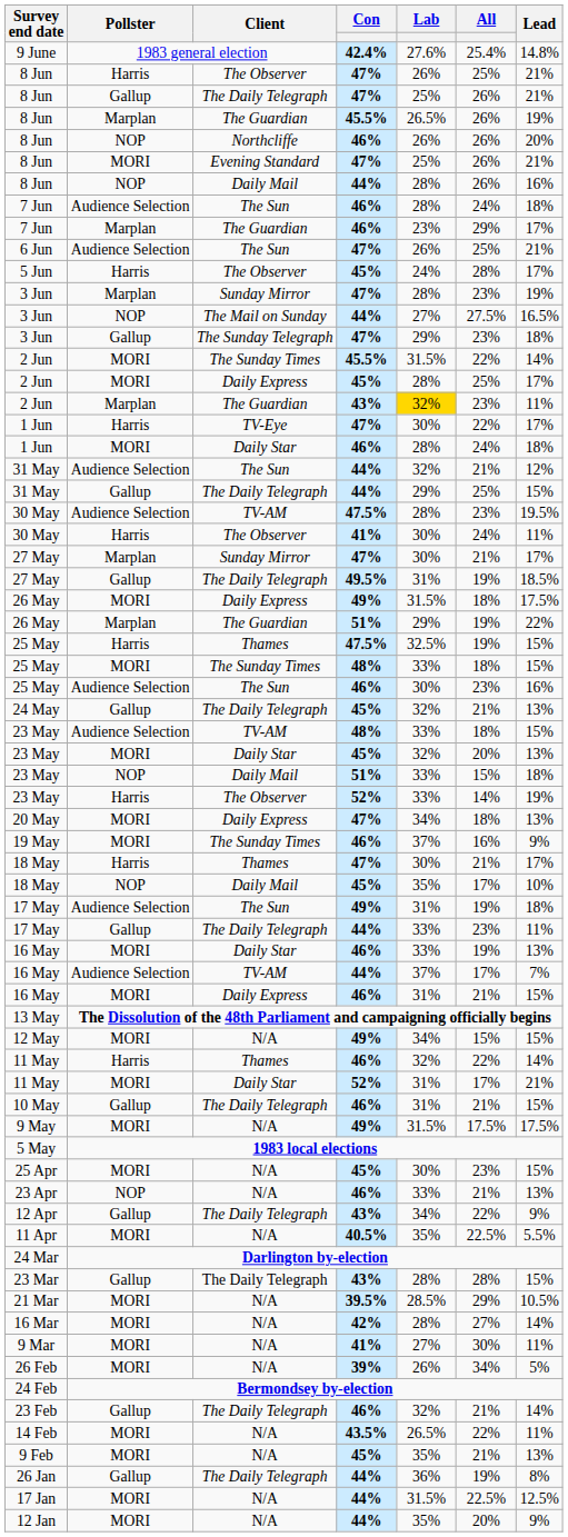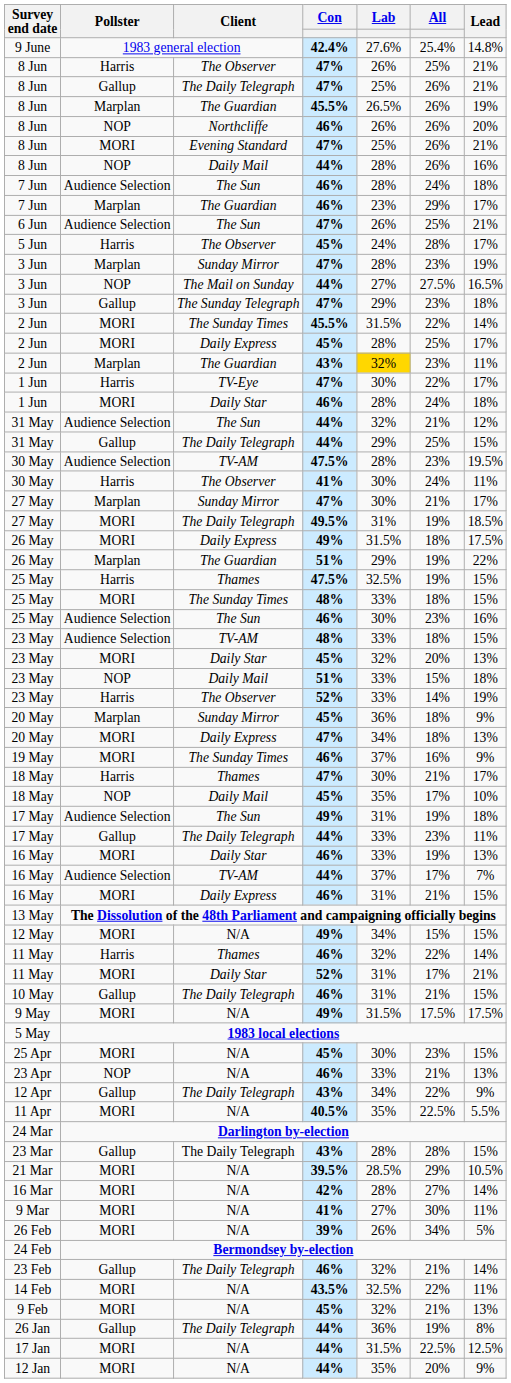 <table class="wikitable sortable mw-datatable" style="text-align:center;font-size:90%;line-height:14px;">
 <tr>
 <th rowspan="2">Survey<br>end date</th>
 <th rowspan="2">Pollster</th>
 <th rowspan="2">Client</th>
 <th class="unsortable" style="width:50px;"><a href='#'>Con</a></th>
 <th class="unsortable" style="width:50px;"><a href='#'>Lab</a></th>
 <th class="unsortable" style="width:50px;"><a href='#'>All</a></th>
 <th rowspan="2">Lead</th>
 </tr>
 <tr>
 <th style="background:"></th>
 <th style="background:"></th>
 <th style="background:"></th>
 </tr>
 <tr>
 <td>9 June</td>
 <td colspan="2"><a href='#'>1983 general election</a></td>
 <td style="background:#CCEBFF;"><strong>42.4%</strong></td>
 <td>27.6%</td>
 <td>25.4%</td>
 <td style="background:">14.8%</td>
 </tr>
 <tr>
 <td>8 Jun</td>
 <td>Harris</td>
 <td><em>The Observer</em></td>
 <td style="background:#CCEBFF;"><strong>47%</strong></td>
 <td>26%</td>
 <td>25%</td>
 <td style="background:">21%</td>
 </tr>
 <tr>
 <td>8 Jun</td>
 <td>Gallup</td>
 <td><em>The Daily Telegraph</em></td>
 <td style="background:#CCEBFF;"><strong>47%</strong></td>
 <td>25%</td>
 <td>26%</td>
 <td style="background:">21%</td>
 </tr>
 <tr>
 <td>8 Jun</td>
 <td>Marplan</td>
 <td><em>The Guardian</em></td>
 <td style="background:#CCEBFF;"><strong>45.5%</strong></td>
 <td>26.5%</td>
 <td>26%</td>
 <td style="background:">19%</td>
 </tr>
 <tr>
 <td>8 Jun</td>
 <td>NOP</td>
 <td><em>Northcliffe</em></td>
 <td style="background:#CCEBFF;"><strong>46%</strong></td>
 <td>26%</td>
 <td>26%</td>
 <td style="background:">20%</td>
 </tr>
 <tr>
 <td>8 Jun</td>
 <td>MORI</td>
 <td><em>Evening Standard</em></td>
 <td style="background:#CCEBFF;"><strong>47%</strong></td>
 <td>25%</td>
 <td>26%</td>
 <td style="background:">21%</td>
 </tr>
 <tr>
 <td>8 Jun</td>
 <td>NOP</td>
 <td><em>Daily Mail</em></td>
 <td style="background:#CCEBFF;"><strong>44%</strong></td>
 <td>28%</td>
 <td>26%</td>
 <td style="background:">16%</td>
 </tr>
 <tr>
 <td>7 Jun</td>
 <td>Audience Selection</td>
 <td><em>The Sun</em></td>
 <td style="background:#CCEBFF;"><strong>46%</strong></td>
 <td>28%</td>
 <td>24%</td>
 <td style="background:">18%</td>
 </tr>
 <tr>
 <td>7 Jun</td>
 <td>Marplan</td>
 <td><em>The Guardian</em></td>
 <td style="background:#CCEBFF;"><strong>46%</strong></td>
 <td>23%</td>
 <td>29%</td>
 <td style="background:">17%</td>
 </tr>
 <tr>
 <td>6 Jun</td>
 <td>Audience Selection</td>
 <td><em>The Sun</em></td>
 <td style="background:#CCEBFF;"><strong>47%</strong></td>
 <td>26%</td>
 <td>25%</td>
 <td style="background:">21%</td>
 </tr>
 <tr>
 <td>5 Jun</td>
 <td>Harris</td>
 <td><em>The Observer</em></td>
 <td style="background:#CCEBFF;"><strong>45%</strong></td>
 <td>24%</td>
 <td>28%</td>
 <td style="background:">17%</td>
 </tr>
 <tr>
 <td>3 Jun</td>
 <td>Marplan</td>
 <td><em>Sunday Mirror</em></td>
 <td style="background:#CCEBFF;"><strong>47%</strong></td>
 <td>28%</td>
 <td>23%</td>
 <td style="background:">19%</td>
 </tr>
 <tr>
 <td>3 Jun</td>
 <td>NOP</td>
 <td><em>The Mail on Sunday</em></td>
 <td style="background:#CCEBFF;"><strong>44%</strong></td>
 <td>27%</td>
 <td>27.5%</td>
 <td style="background:">16.5%</td>
 </tr>
 <tr>
 <td>3 Jun</td>
 <td>Gallup</td>
 <td><em>The Sunday Telegraph</em></td>
 <td style="background:#CCEBFF;"><strong>47%</strong></td>
 <td>29%</td>
 <td>23%</td>
 <td style="background:">18%</td>
 </tr>
 <tr>
 <td>2 Jun</td>
 <td>MORI</td>
 <td><em>The Sunday Times</em></td>
 <td style="background:#CCEBFF;"><strong>45.5%</strong></td>
 <td>31.5%</td>
 <td>22%</td>
 <td style="background:">14%</td>
 </tr>
 <tr>
 <td>2 Jun</td>
 <td>MORI</td>
 <td><em>Daily Express</em></td>
 <td style="background:#CCEBFF;"><strong>45%</strong></td>
 <td>28%</td>
 <td>25%</td>
 <td style="background:">17%</td>
 </tr>
 <tr>
 <td>2 Jun</td>
 <td>Marplan</td>
 <td><em>The Guardian</em></td>
 <td style="background:#CCEBFF;"><strong>43%</strong></td>
 <td style="background: gold;">32%</td>
 <td>23%</td>
 <td style="background:">11%</td>
 </tr>
 <tr>
 <td>1 Jun</td>
 <td>Harris</td>
 <td><em>TV-Eye</em></td>
 <td style="background:#CCEBFF;"><strong>47%</strong></td>
 <td>30%</td>
 <td>22%</td>
 <td style="background:">17%</td>
 </tr>
 <tr>
 <td>1 Jun</td>
 <td>MORI</td>
 <td><em>Daily Star</em></td>
 <td style="background:#CCEBFF;"><strong>46%</strong></td>
 <td>28%</td>
 <td>24%</td>
 <td style="background:">18%</td>
 </tr>
 <tr>
 <td>31 May</td>
 <td>Audience Selection</td>
 <td><em>The Sun</em></td>
 <td style="background:#CCEBFF;"><strong>44%</strong></td>
 <td>32%</td>
 <td>21%</td>
 <td style="background:">12%</td>
 </tr>
 <tr>
 <td>31 May</td>
 <td>Gallup</td>
 <td><em>The Daily Telegraph</em></td>
 <td style="background:#CCEBFF;"><strong>44%</strong></td>
 <td>29%</td>
 <td>25%</td>
 <td style="background:">15%</td>
 </tr>
 <tr>
 <td>30 May</td>
 <td>Audience Selection</td>
 <td><em>TV-AM</em></td>
 <td style="background:#CCEBFF;"><strong>47.5%</strong></td>
 <td>28%</td>
 <td>23%</td>
 <td style="background:">19.5%</td>
 </tr>
 <tr>
 <td>30 May</td>
 <td>Harris</td>
 <td><em>The Observer</em></td>
 <td style="background:#CCEBFF;"><strong>41%</strong></td>
 <td>30%</td>
 <td>24%</td>
 <td style="background:">11%</td>
 </tr>
 <tr>
 <td>27 May</td>
 <td>Marplan</td>
 <td><em>Sunday Mirror</em></td>
 <td style="background:#CCEBFF;"><strong>47%</strong></td>
 <td>30%</td>
 <td>21%</td>
 <td style="background:">17%</td>
 </tr>
 <tr>
 <td>27 May</td>
-<td>Gallup</td>
+<td>MORI</td>
 <td><em>The Daily Telegraph</em></td>
 <td style="background:#CCEBFF;"><strong>49.5%</strong></td>
 <td>31%</td>
 <td>19%</td>
 <td style="background:">18.5%</td>
 </tr>
 <tr>
 <td>26 May</td>
 <td>MORI</td>
 <td><em>Daily Express</em></td>
 <td style="background:#CCEBFF;"><strong>49%</strong></td>
 <td>31.5%</td>
 <td>18%</td>
 <td style="background:">17.5%</td>
 </tr>
 <tr>
 <td>26 May</td>
 <td>Marplan</td>
 <td><em>The Guardian</em></td>
 <td style="background:#CCEBFF;"><strong>51%</strong></td>
 <td>29%</td>
 <td>19%</td>
 <td style="background:">22%</td>
 </tr>
 <tr>
 <td>25 May</td>
 <td>Harris</td>
 <td><em>Thames</em></td>
 <td style="background:#CCEBFF;"><strong>47.5%</strong></td>
 <td>32.5%</td>
 <td>19%</td>
 <td style="background:">15%</td>
 </tr>
 <tr>
 <td>25 May</td>
 <td>MORI</td>
 <td><em>The Sunday Times</em></td>
 <td style="background:#CCEBFF;"><strong>48%</strong></td>
 <td>33%</td>
 <td>18%</td>
 <td style="background:">15%</td>
 </tr>
 <tr>
 <td>25 May</td>
 <td>Audience Selection</td>
 <td><em>The Sun</em></td>
 <td style="background:#CCEBFF;"><strong>46%</strong></td>
 <td>30%</td>
 <td>23%</td>
 <td style="background:">16%</td>
 </tr>
 <tr>
-<td>24 May</td>
-<td>Gallup</td>
-<td><em>The Daily Telegraph</em></td>
-<td style="background:#CCEBFF;"><strong>45%</strong></td>
-<td>32%</td>
-<td>21%</td>
-<td style="background:">13%</td>
-</tr>
-<tr>
 <td>23 May</td>
 <td>Audience Selection</td>
 <td><em>TV-AM</em></td>
 <td style="background:#CCEBFF;"><strong>48%</strong></td>
 <td>33%</td>
 <td>18%</td>
 <td style="background:">15%</td>
 </tr>
 <tr>
 <td>23 May</td>
 <td>MORI</td>
 <td><em>Daily Star</em></td>
 <td style="background:#CCEBFF;"><strong>45%</strong></td>
 <td>32%</td>
 <td>20%</td>
 <td style="background:">13%</td>
 </tr>
 <tr>
 <td>23 May</td>
 <td>NOP</td>
 <td><em>Daily Mail</em></td>
 <td style="background:#CCEBFF;"><strong>51%</strong></td>
 <td>33%</td>
 <td>15%</td>
 <td style="background:">18%</td>
 </tr>
 <tr>
 <td>23 May</td>
 <td>Harris</td>
 <td><em>The Observer</em></td>
 <td style="background:#CCEBFF;"><strong>52%</strong></td>
 <td>33%</td>
 <td>14%</td>
 <td style="background:">19%</td>
+</tr>
+<tr>
+<td>20 May</td>
+<td>Marplan</td>
+<td><em>Sunday Mirror</em></td>
+<td style="background:#CCEBFF;"><strong>45%</strong></td>
+<td>36%</td>
+<td>18%</td>
+<td style="background:">9%</td>
 </tr>
 <tr>
 <td>20 May</td>
 <td>MORI</td>
 <td><em>Daily Express</em></td>
 <td style="background:#CCEBFF;"><strong>47%</strong></td>
 <td>34%</td>
 <td>18%</td>
 <td style="background:">13%</td>
 </tr>
 <tr>
 <td>19 May</td>
 <td>MORI</td>
 <td><em>The Sunday Times</em></td>
 <td style="background:#CCEBFF;"><strong>46%</strong></td>
 <td>37%</td>
 <td>16%</td>
 <td style="background:">9%</td>
 </tr>
 <tr>
 <td>18 May</td>
 <td>Harris</td>
 <td><em>Thames</em></td>
 <td style="background:#CCEBFF;"><strong>47%</strong></td>
 <td>30%</td>
 <td>21%</td>
 <td style="background:">17%</td>
 </tr>
 <tr>
 <td>18 May</td>
 <td>NOP</td>
 <td><em>Daily Mail</em></td>
 <td style="background:#CCEBFF;"><strong>45%</strong></td>
 <td>35%</td>
 <td>17%</td>
 <td style="background:">10%</td>
 </tr>
 <tr>
 <td>17 May</td>
 <td>Audience Selection</td>
 <td><em>The Sun</em></td>
 <td style="background:#CCEBFF;"><strong>49%</strong></td>
 <td>31%</td>
 <td>19%</td>
 <td style="background:">18%</td>
 </tr>
 <tr>
 <td>17 May</td>
 <td>Gallup</td>
 <td><em>The Daily Telegraph</em></td>
 <td style="background:#CCEBFF;"><strong>44%</strong></td>
 <td>33%</td>
 <td>23%</td>
 <td style="background:">11%</td>
 </tr>
 <tr>
 <td>16 May</td>
 <td>MORI</td>
 <td><em>Daily Star</em></td>
 <td style="background:#CCEBFF;"><strong>46%</strong></td>
 <td>33%</td>
 <td>19%</td>
 <td style="background:">13%</td>
 </tr>
 <tr>
 <td>16 May</td>
 <td>Audience Selection</td>
 <td><em>TV-AM</em></td>
 <td style="background:#CCEBFF;"><strong>44%</strong></td>
 <td>37%</td>
 <td>17%</td>
 <td style="background:">7%</td>
 </tr>
 <tr>
 <td>16 May</td>
 <td>MORI</td>
 <td><em>Daily Express</em></td>
 <td style="background:#CCEBFF;"><strong>46%</strong></td>
 <td>31%</td>
 <td>21%</td>
 <td style="background:">15%</td>
 </tr>
 <tr>
 <td>13 May</td>
 <td colspan="6"><strong>The <a href='#'>Dissolution</a> of the <a href='#'>48th Parliament</a> and campaigning officially begins</strong></td>
 </tr>
 <tr>
 <td>12 May</td>
 <td>MORI</td>
 <td>N/A</td>
 <td style="background:#CCEBFF;"><strong>49%</strong></td>
 <td>34%</td>
 <td>15%</td>
 <td style="background:">15%</td>
 </tr>
 <tr>
 <td>11 May</td>
 <td>Harris</td>
 <td><em>Thames</em></td>
 <td style="background:#CCEBFF;"><strong>46%</strong></td>
 <td>32%</td>
 <td>22%</td>
 <td style="background:">14%</td>
 </tr>
 <tr>
 <td>11 May</td>
 <td>MORI</td>
 <td><em>Daily Star</em></td>
 <td style="background:#CCEBFF;"><strong>52%</strong></td>
 <td>31%</td>
 <td>17%</td>
 <td style="background:">21%</td>
 </tr>
 <tr>
 <td>10 May</td>
 <td>Gallup</td>
 <td><em>The Daily Telegraph</em></td>
 <td style="background:#CCEBFF;"><strong>46%</strong></td>
 <td>31%</td>
 <td>21%</td>
 <td style="background:">15%</td>
 </tr>
 <tr>
 <td>9 May</td>
 <td>MORI</td>
 <td>N/A</td>
 <td style="background:#CCEBFF;"><strong>49%</strong></td>
 <td>31.5%</td>
 <td>17.5%</td>
 <td style="background:">17.5%</td>
 </tr>
 <tr>
 <td>5 May</td>
 <td colspan="6"><strong><a href='#'>1983 local elections</a></strong></td>
 </tr>
 <tr>
 <td>25 Apr</td>
 <td>MORI</td>
 <td>N/A</td>
 <td style="background:#CCEBFF;"><strong>45%</strong></td>
 <td>30%</td>
 <td>23%</td>
 <td style="background:">15%</td>
 </tr>
 <tr>
 <td>23 Apr</td>
 <td>NOP</td>
 <td>N/A</td>
 <td style="background:#CCEBFF;"><strong>46%</strong></td>
 <td>33%</td>
 <td>21%</td>
 <td style="background:">13%</td>
 </tr>
 <tr>
 <td>12 Apr</td>
 <td>Gallup</td>
 <td><em>The Daily Telegraph</em></td>
 <td style="background:#CCEBFF;"><strong>43%</strong></td>
 <td>34%</td>
 <td>22%</td>
 <td style="background:">9%</td>
 </tr>
 <tr>
 <td>11 Apr</td>
 <td>MORI</td>
 <td>N/A</td>
 <td style="background:#CCEBFF;"><strong>40.5%</strong></td>
 <td>35%</td>
 <td>22.5%</td>
 <td style="background:">5.5%</td>
 </tr>
 <tr>
 <td>24 Mar</td>
 <td colspan="6"><a href='#'><strong>Darlington by-election</strong></a></td>
 </tr>
 <tr>
 <td>23 Mar</td>
 <td>Gallup</td>
 <td>The Daily Telegraph</td>
 <td style="background:#CCEBFF;"><strong>43%</strong></td>
 <td>28%</td>
 <td>28%</td>
 <td style="background:">15%</td>
 </tr>
 <tr>
 <td>21 Mar</td>
 <td>MORI</td>
 <td>N/A</td>
 <td style="background:#CCEBFF;"><strong>39.5%</strong></td>
 <td>28.5%</td>
 <td>29%</td>
 <td style="background:">10.5%</td>
 </tr>
 <tr>
 <td>16 Mar</td>
 <td>MORI</td>
 <td>N/A</td>
 <td style="background:#CCEBFF;"><strong>42%</strong></td>
 <td>28%</td>
 <td>27%</td>
 <td style="background:">14%</td>
 </tr>
 <tr>
 <td>9 Mar</td>
 <td>MORI</td>
 <td>N/A</td>
 <td style="background:#CCEBFF;"><strong>41%</strong></td>
 <td>27%</td>
 <td>30%</td>
 <td style="background:">11%</td>
 </tr>
 <tr>
 <td>26 Feb</td>
 <td>MORI</td>
 <td>N/A</td>
 <td style="background:#CCEBFF;"><strong>39%</strong></td>
 <td>26%</td>
 <td>34%</td>
 <td style="background:">5%</td>
 </tr>
 <tr>
 <td>24 Feb</td>
 <td colspan="6"><a href='#'><strong>Bermondsey by-election</strong></a></td>
 </tr>
 <tr>
 <td>23 Feb</td>
 <td>Gallup</td>
 <td><em>The Daily Telegraph</em></td>
 <td style="background:#CCEBFF;"><strong>46%</strong></td>
 <td>32%</td>
 <td>21%</td>
 <td style="background:">14%</td>
 </tr>
 <tr>
 <td>14 Feb</td>
 <td>MORI</td>
 <td>N/A</td>
 <td style="background:#CCEBFF;"><strong>43.5%</strong></td>
-<td>26.5%</td>
+<td>32.5%</td>
 <td>22%</td>
 <td style="background:">11%</td>
 </tr>
 <tr>
 <td>9 Feb</td>
 <td>MORI</td>
 <td>N/A</td>
 <td style="background:#CCEBFF;"><strong>45%</strong></td>
-<td>35%</td>
+<td>32%</td>
 <td>21%</td>
 <td style="background:">13%</td>
 </tr>
 <tr>
 <td>26 Jan</td>
 <td>Gallup</td>
 <td><em>The Daily Telegraph</em></td>
 <td style="background:#CCEBFF;"><strong>44%</strong></td>
 <td>36%</td>
 <td>19%</td>
 <td style="background:">8%</td>
 </tr>
 <tr>
 <td>17 Jan</td>
 <td>MORI</td>
 <td>N/A</td>
 <td style="background:#CCEBFF;"><strong>44%</strong></td>
 <td>31.5%</td>
 <td>22.5%</td>
 <td style="background:">12.5%</td>
 </tr>
 <tr>
 <td>12 Jan</td>
 <td>MORI</td>
 <td>N/A</td>
 <td style="background:#CCEBFF;"><strong>44%</strong></td>
 <td>35%</td>
 <td>20%</td>
 <td style="background:">9%</td>
 </tr>
 </table>
